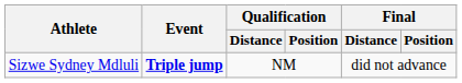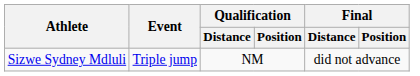 <table class=wikitable style="font-size:90%">
 <tr>
 <th rowspan="2">Athlete</th>
 <th rowspan="2">Event</th>
 <th colspan="2">Qualification</th>
 <th colspan="2">Final</th>
 </tr>
 <tr style="font-size:95%">
 <th>Distance</th>
 <th>Position</th>
 <th>Distance</th>
 <th>Position</th>
 </tr>
 <tr align=center>
 <td align=left><a href='#'>Sizwe Sydney Mdluli</a></td>
-<td align=left><strong><a href='#'>Triple jump</a></strong></td>
+<td align=left><a href='#'>Triple jump</a></td>
 <td colspan=2>NM</td>
 <td colspan=2>did not advance</td>
 </tr>
 </table>
